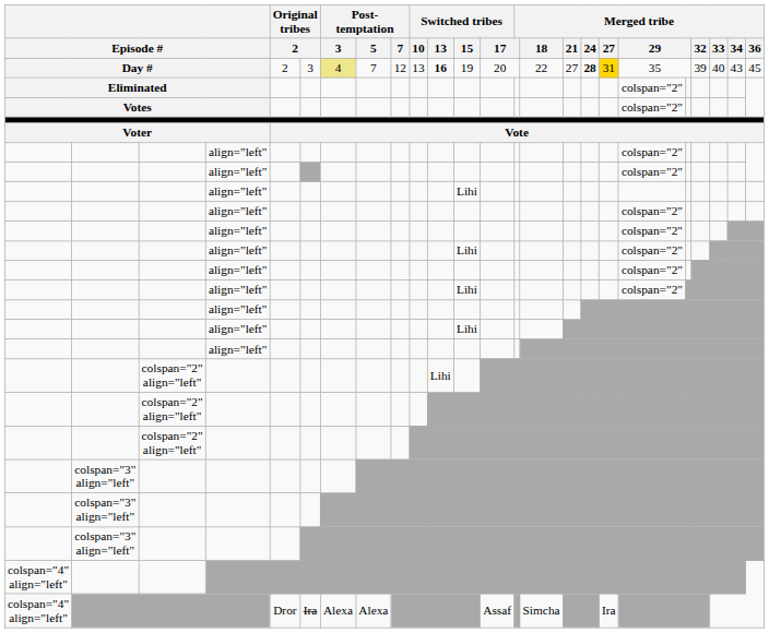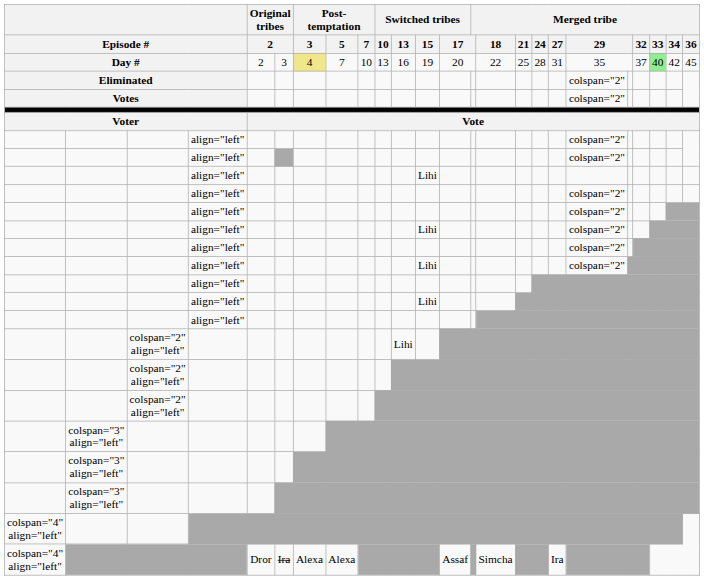 <table class="wikitable nowrap" style="text-align:center;">
 <tr>
 <th colspan="4"></th>
 <th colspan="2">Original tribes</th>
 <th colspan="3">Post-temptation</th>
 <th colspan="4">Switched tribes</th>
 <th colspan="11">Merged tribe</th>
 </tr>
 <tr>
 <th colspan="4">Episode #</th>
 <th colspan="2">2</th>
 <th>3</th>
 <th>5</th>
 <th>7</th>
 <th>10</th>
 <th>13</th>
 <th>15</th>
 <th colspan="2">17</th>
 <th>18</th>
 <th>21</th>
 <th>24</th>
 <th>27</th>
 <th colspan="2">29</th>
 <th>32</th>
 <th>33</th>
 <th>34</th>
 <th>36</th>
 </tr>
 <tr>
 <th colspan="4">Day #</th>
 <td>2</td>
 <td>3</td>
 <td style="background: khaki;">4</td>
 <td>7</td>
-<td>12</td>
+<td>10</td>
 <td>13</td>
-<td><strong>16</strong></td>
+<td>16</td>
 <td>19</td>
 <td colspan="2">20</td>
 <td>22</td>
-<td>27</td>
-<td><strong>28</strong></td>
-<td style="background: gold;">31</td>
+<td>25</td>
+<td>28</td>
+<td>31</td>
 <td colspan="2">35</td>
-<td>39</td>
-<td>40</td>
-<td>43</td>
+<td>37</td>
+<td style="background: lightgreen;">40</td>
+<td>42</td>
 <td>45</td>
 </tr>
 <tr>
 <th colspan="4">Eliminated</th>
 <td></td>
 <td></td>
 <td></td>
 <td></td>
 <td></td>
 <td></td>
 <td></td>
 <td></td>
 <td></td>
 <td></td>
 <td></td>
 <td></td>
 <td></td>
 <td></td>
 <td>colspan="2" </td>
 <td></td>
 <td></td>
 <td></td>
 <td></td>
 </tr>
 <tr>
 <th colspan="4">Votes</th>
 <td></td>
 <td></td>
 <td></td>
 <td></td>
 <td></td>
 <td></td>
 <td></td>
 <td></td>
 <td></td>
 <td></td>
 <td></td>
 <td></td>
 <td></td>
 <td></td>
 <td>colspan="2" </td>
 <td></td>
 <td></td>
 <td></td>
 <td></td>
 </tr>
 <tr>
 <th colspan="25" style="background:black;"></th>
 </tr>
 <tr>
 <th colspan="4">Voter</th>
 <th colspan="24">Vote</th>
 </tr>
 <tr>
 <td></td>
 <td></td>
 <td></td>
 <td>align="left" </td>
 <td></td>
 <td></td>
 <td></td>
 <td></td>
 <td></td>
 <td></td>
 <td></td>
 <td></td>
 <td></td>
 <td></td>
 <td></td>
 <td></td>
 <td></td>
 <td></td>
 <td>colspan="2" </td>
 <td></td>
 <td></td>
 <td></td>
 <td></td>
 </tr>
 <tr>
 <td></td>
 <td></td>
 <td></td>
 <td>align="left" </td>
 <td></td>
 <td bgcolor="darkgrey"></td>
 <td></td>
 <td></td>
 <td></td>
 <td></td>
 <td></td>
 <td></td>
 <td></td>
 <td></td>
 <td></td>
 <td></td>
 <td></td>
 <td></td>
 <td>colspan="2" </td>
 <td></td>
 <td></td>
 <td></td>
 <td></td>
 </tr>
 <tr>
 <td></td>
 <td></td>
 <td></td>
 <td>align="left" </td>
 <td></td>
 <td></td>
 <td></td>
 <td></td>
 <td></td>
 <td></td>
 <td></td>
 <td><span>Lihi</span></td>
 <td></td>
 <td></td>
 <td></td>
 <td></td>
 <td></td>
 <td></td>
 <td></td>
 <td></td>
 <td></td>
 <td></td>
 <td></td>
 <td></td>
 </tr>
 <tr>
 <td></td>
 <td></td>
 <td></td>
 <td>align="left" </td>
 <td></td>
 <td></td>
 <td></td>
 <td></td>
 <td></td>
 <td></td>
 <td></td>
 <td></td>
 <td></td>
 <td></td>
 <td></td>
 <td></td>
 <td></td>
 <td></td>
 <td>colspan="2" </td>
 <td></td>
 <td></td>
 <td></td>
 <td></td>
 </tr>
 <tr>
 <td></td>
 <td></td>
 <td></td>
 <td>align="left" </td>
 <td></td>
 <td></td>
 <td></td>
 <td></td>
 <td></td>
 <td></td>
 <td></td>
 <td></td>
 <td></td>
 <td></td>
 <td></td>
 <td></td>
 <td></td>
 <td></td>
 <td>colspan="2" </td>
 <td></td>
 <td></td>
 <td></td>
 <td colspan="8" style="background:darkgrey;"></td>
 </tr>
 <tr>
 <td></td>
 <td></td>
 <td></td>
 <td>align="left" </td>
 <td></td>
 <td></td>
 <td></td>
 <td></td>
 <td></td>
 <td></td>
 <td></td>
 <td><span>Lihi</span></td>
 <td></td>
 <td></td>
 <td></td>
 <td></td>
 <td></td>
 <td></td>
 <td>colspan="2" </td>
 <td></td>
 <td></td>
 <td colspan="9" style="background:darkgrey;"></td>
 </tr>
 <tr>
 <td></td>
 <td></td>
 <td></td>
 <td>align="left" </td>
 <td></td>
 <td></td>
 <td></td>
 <td></td>
 <td></td>
 <td></td>
 <td></td>
 <td></td>
 <td></td>
 <td></td>
 <td></td>
 <td></td>
 <td></td>
 <td></td>
 <td>colspan="2" </td>
 <td></td>
 <td colspan="10" style="background:darkgrey;"></td>
 </tr>
 <tr>
 <td></td>
 <td></td>
 <td></td>
 <td>align="left" </td>
 <td></td>
 <td></td>
 <td></td>
 <td></td>
 <td></td>
 <td></td>
 <td></td>
 <td><span>Lihi</span></td>
 <td></td>
 <td></td>
 <td></td>
 <td></td>
 <td></td>
 <td></td>
 <td>colspan="2" </td>
 <td colspan="11" style="background:darkgrey;"></td>
 </tr>
 <tr>
 <td></td>
 <td></td>
 <td></td>
 <td>align="left" </td>
 <td></td>
 <td></td>
 <td></td>
 <td></td>
 <td></td>
 <td></td>
 <td></td>
 <td></td>
 <td></td>
 <td></td>
 <td></td>
 <td></td>
 <td colspan="12" style="background:darkgrey;"></td>
 </tr>
 <tr>
 <td></td>
 <td></td>
 <td></td>
 <td>align="left"</td>
 <td></td>
 <td></td>
 <td></td>
 <td></td>
 <td></td>
 <td></td>
 <td></td>
 <td><span>Lihi</span></td>
 <td></td>
 <td></td>
 <td></td>
 <td colspan="11" style="background:darkgrey;"></td>
 </tr>
 <tr>
 <td></td>
 <td></td>
 <td></td>
 <td>align="left" </td>
 <td></td>
 <td></td>
 <td></td>
 <td></td>
 <td></td>
 <td></td>
 <td></td>
 <td></td>
 <td></td>
 <td></td>
 <td colspan="13" style="background:darkgrey;"></td>
 </tr>
 <tr>
 <td></td>
 <td></td>
 <td>colspan="2" align="left" </td>
 <td></td>
 <td></td>
 <td></td>
 <td></td>
 <td></td>
 <td></td>
 <td></td>
 <td><span>Lihi</span></td>
 <td></td>
 <td colspan="14" style="background:darkgrey;"></td>
 </tr>
 <tr>
 <td></td>
 <td></td>
 <td>colspan="2" align="left" </td>
 <td></td>
 <td></td>
 <td></td>
 <td></td>
 <td></td>
 <td></td>
 <td></td>
 <td colspan="15" style="background:darkgrey;"></td>
 </tr>
 <tr>
 <td></td>
 <td></td>
 <td>colspan="2" align="left" </td>
 <td></td>
 <td></td>
 <td></td>
 <td></td>
 <td></td>
 <td></td>
 <td colspan="16" style="background:darkgrey;"></td>
 </tr>
 <tr>
 <td></td>
 <td>colspan="3" align="left" </td>
 <td></td>
 <td></td>
 <td></td>
 <td></td>
 <td></td>
 <td colspan="17" style="background:darkgrey;"></td>
 </tr>
 <tr>
 <td></td>
 <td>colspan="3" align="left" </td>
 <td></td>
 <td></td>
 <td></td>
 <td></td>
 <td colspan="18" style="background:darkgrey;"></td>
 </tr>
 <tr>
 <td></td>
 <td>colspan="3" align="left" </td>
 <td></td>
 <td></td>
 <td></td>
 <td colspan="19" style="background:darkgrey;"></td>
 </tr>
 <tr>
 <td>colspan="4" align="left" </td>
 <td></td>
 <td></td>
 <td colspan="20" style="background:darkgrey;"></td>
 </tr>
 <tr>
 <td>colspan="4" align="left" </td>
 <td colspan="3" style="background:darkgrey;"></td>
 <td><span>Dror</span></td>
 <td><span><s>Ira</s></span></td>
 <td><span>Alexa</span></td>
 <td><span>Alexa</span></td>
 <td colspan="4" style="background:darkgrey;"></td>
 <td><span>Assaf</span></td>
 <td style="background:darkgrey;"></td>
 <td><span>Simcha</span></td>
 <td colspan="2" style="background:darkgrey;"></td>
 <td><span>Ira</span></td>
 <td colspan="3" style="background:darkgrey;"></td>
 </tr>
 </table>
